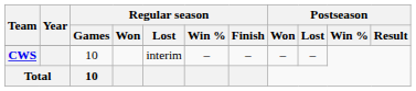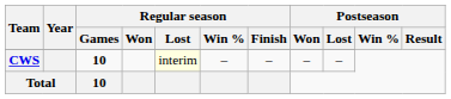 <table class="wikitable" style="font-size: 95%; text-align:center;">
 <tr>
 <th rowspan="2">Team</th>
 <th rowspan="2">Year</th>
 <th colspan="5">Regular season</th>
 <th colspan="4">Postseason</th>
 </tr>
 <tr>
 <th>Games</th>
 <th>Won</th>
 <th>Lost</th>
 <th>Win %</th>
 <th>Finish</th>
 <th>Won</th>
 <th>Lost</th>
 <th>Win %</th>
 <th>Result</th>
 </tr>
 <tr>
 </tr>
 <tr>
 <th><a href='#'>CWS</a></th>
 <th></th>
-<td>10</td>
+<td><strong>10</strong></td>
 <td></td>
-<td>interim</td>
+<td style="background: lightyellow;">interim</td>
 <td>–</td>
 <td>–</td>
 <td>–</td>
 <td>–</td>
 </tr>
 <tr>
 <th colspan="2">Total</th>
 <th>10</th>
 <th></th>
 <th></th>
 <th></th>
 <th></th>
 </tr>
 </table>
